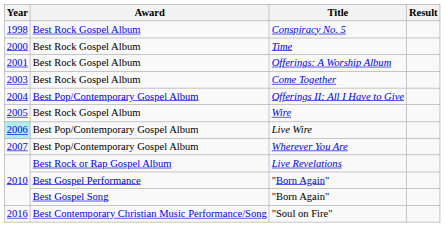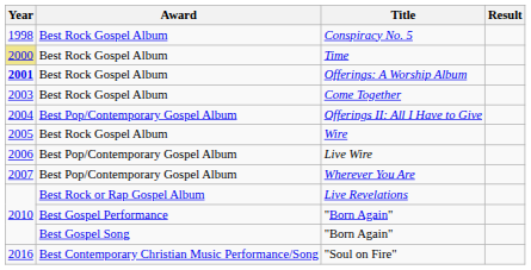 <table class="wikitable">
 <tr>
 <th>Year</th>
 <th>Award</th>
 <th>Title</th>
 <th>Result</th>
 </tr>
 <tr>
 <td><a href='#'>1998</a></td>
 <td><a href='#'>Best Rock Gospel Album</a></td>
 <td><em><a href='#'>Conspiracy No. 5</a></em></td>
 <td></td>
 </tr>
 <tr>
-<td><a href='#'>2000</a></td>
+<td style="background: khaki;"><a href='#'>2000</a></td>
 <td>Best Rock Gospel Album</td>
 <td><em><a href='#'>Time</a></em></td>
 <td></td>
 </tr>
 <tr>
-<td><a href='#'>2001</a></td>
+<td><strong><a href='#'>2001</a></strong></td>
 <td>Best Rock Gospel Album</td>
 <td><em><a href='#'>Offerings: A Worship Album</a></em></td>
 <td></td>
 </tr>
 <tr>
 <td><a href='#'>2003</a></td>
 <td>Best Rock Gospel Album</td>
 <td><em><a href='#'>Come Together</a></em></td>
 <td></td>
 </tr>
 <tr>
 <td><a href='#'>2004</a></td>
 <td><a href='#'>Best Pop/Contemporary Gospel Album</a></td>
 <td><em><a href='#'>Offerings II: All I Have to Give</a></em></td>
 <td></td>
 </tr>
 <tr>
 <td><a href='#'>2005</a></td>
 <td>Best Rock Gospel Album</td>
 <td><em><a href='#'>Wire</a></em></td>
 <td></td>
 </tr>
 <tr>
-<td style="background: paleturquoise;"><a href='#'>2006</a></td>
+<td><a href='#'>2006</a></td>
 <td>Best Pop/Contemporary Gospel Album</td>
 <td><em>Live Wire</em></td>
 <td></td>
 </tr>
 <tr>
 <td><a href='#'>2007</a></td>
 <td>Best Pop/Contemporary Gospel Album</td>
 <td><em><a href='#'>Wherever You Are</a></em></td>
 <td></td>
 </tr>
 <tr>
 <td rowspan="3"><a href='#'>2010</a></td>
 <td><a href='#'>Best Rock or Rap Gospel Album</a></td>
 <td><em><a href='#'>Live Revelations</a></em></td>
 <td></td>
 </tr>
 <tr>
 <td><a href='#'>Best Gospel Performance</a></td>
 <td>"<a href='#'>Born Again</a>"</td>
 <td></td>
 </tr>
 <tr>
 <td><a href='#'>Best Gospel Song</a></td>
 <td>"Born Again"</td>
 <td></td>
 </tr>
 <tr>
 <td><a href='#'>2016</a></td>
 <td><a href='#'>Best Contemporary Christian Music Performance/Song</a></td>
 <td>"Soul on Fire"</td>
 <td></td>
 </tr>
 </table>
